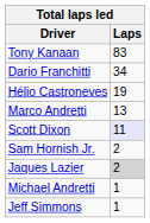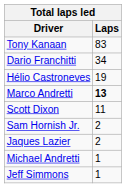 <table class="wikitable">
 <tr>
 <th colspan=2>Total laps led</th>
 </tr>
 <tr>
 <th>Driver</th>
 <th>Laps</th>
 </tr>
 <tr>
 <td><a href='#'>Tony Kanaan</a></td>
 <td>83</td>
 </tr>
 <tr>
 <td><a href='#'>Dario Franchitti</a></td>
 <td>34</td>
 </tr>
 <tr>
 <td><a href='#'>Hélio Castroneves</a></td>
 <td>19</td>
 </tr>
 <tr>
 <td><a href='#'>Marco Andretti</a></td>
-<td>13</td>
+<td><strong>13</strong></td>
 </tr>
 <tr>
 <td><a href='#'>Scott Dixon</a></td>
-<td style="background: lavender;">11</td>
+<td>11</td>
 </tr>
 <tr>
 <td><a href='#'>Sam Hornish Jr.</a></td>
 <td>2</td>
 </tr>
 <tr>
 <td><a href='#'>Jaques Lazier</a></td>
-<td style="background: lightgrey;">2</td>
+<td>2</td>
 </tr>
 <tr>
 <td><a href='#'>Michael Andretti</a></td>
 <td>1</td>
 </tr>
 <tr>
 <td><a href='#'>Jeff Simmons</a></td>
 <td>1</td>
 </tr>
 </table>
